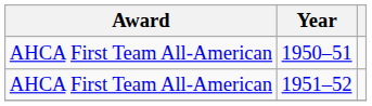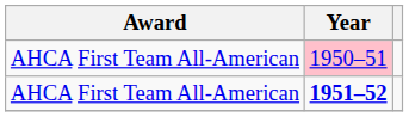 <table class="wikitable">
 <tr>
 <th>Award</th>
 <th>Year</th>
 <th></th>
 </tr>
 <tr>
 <td><a href='#'>AHCA</a> <a href='#'>First Team All-American</a></td>
-<td><a href='#'>1950–51</a></td>
+<td style="background: pink;"><a href='#'>1950–51</a></td>
 <td></td>
 </tr>
 <tr>
 <td><a href='#'>AHCA</a> <a href='#'>First Team All-American</a></td>
-<td><a href='#'>1951–52</a></td>
+<td><strong><a href='#'>1951–52</a></strong></td>
 <td></td>
 </tr>
 <tr>
 </tr>
 </table>
